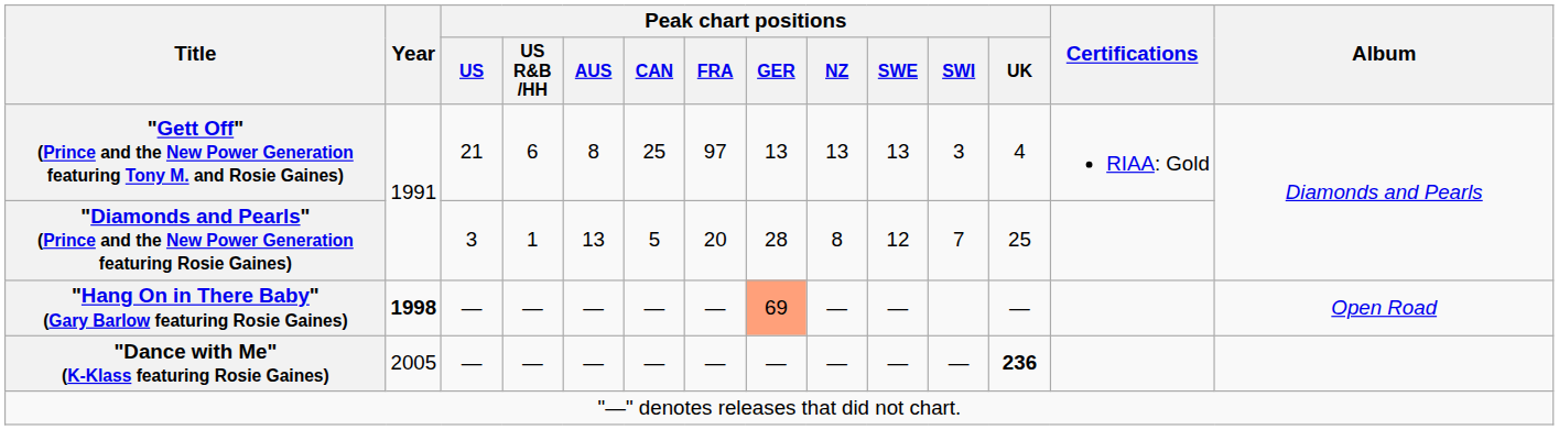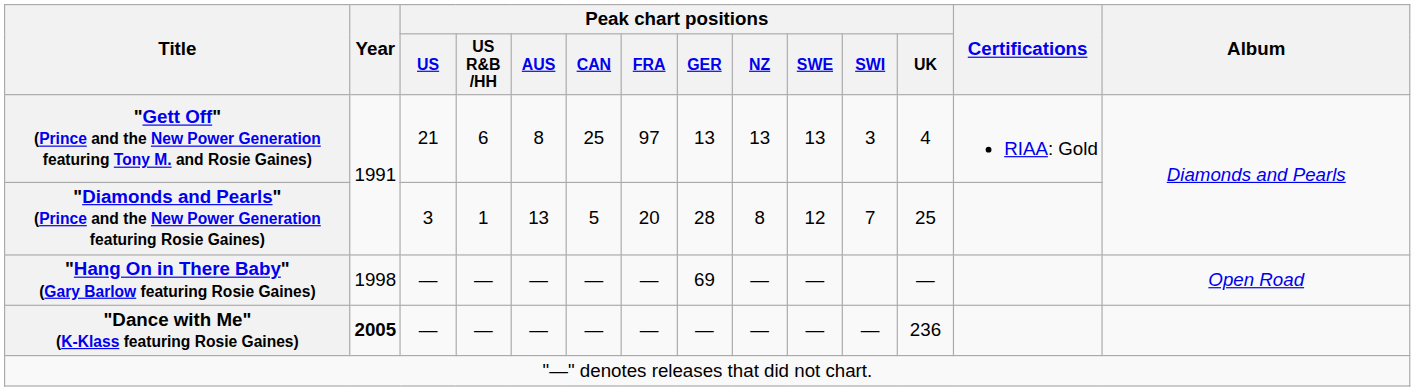 <table class="wikitable plainrowheaders" style="text-align:center">
 <tr>
 <th scope="col" rowspan="2" style="width:18em;">Title</th>
 <th scope="col" rowspan="2" style="width:1em;">Year</th>
 <th scope="col" colspan="10">Peak chart positions</th>
 <th style="text-align:center;" rowspan="2"><a href='#'>Certifications</a></th>
 <th scope="col" rowspan="2" style="width:16em;">Album</th>
 </tr>
 <tr>
 <th scope="col" style="width:3em;font-size:85%;"><a href='#'>US</a><br></th>
 <th scope="col" style="width:3em;font-size:85%;">US R&B<br>/HH<br></th>
 <th style="width:3em;font-size:85%"><a href='#'>AUS</a><br></th>
 <th style="width:3em;font-size:85%"><a href='#'>CAN</a><br></th>
 <th style="width:3em;font-size:85%"><a href='#'>FRA</a><br></th>
 <th scope="col" style="width:3em;font-size:85%;"><a href='#'>GER</a><br></th>
 <th style="width:3em;font-size:85%"><a href='#'>NZ</a><br></th>
 <th style="width:3em;font-size:85%"><a href='#'>SWE</a><br></th>
 <th style="width:3em;font-size:85%"><a href='#'>SWI</a><br></th>
 <th scope="col" style="width:3em;font-size:85%;">UK<br></th>
 </tr>
 <tr>
 <th scope="row">"<a href='#'>Gett Off</a>"<br><small>(<a href='#'>Prince</a> and the <a href='#'>New Power Generation</a> featuring <a href='#'>Tony M.</a> and Rosie Gaines)</small></th>
 <td rowspan="2">1991</td>
 <td>21</td>
 <td>6</td>
 <td>8</td>
 <td>25</td>
 <td>97</td>
 <td>13</td>
 <td>13</td>
 <td>13</td>
 <td>3</td>
 <td>4</td>
 <td><br><ul><li><a href='#'>RIAA</a>: Gold</li></ul></td>
 <td rowspan="2"><em><a href='#'>Diamonds and Pearls</a></em></td>
 </tr>
 <tr>
 <th scope="row">"<a href='#'>Diamonds and Pearls</a>"<br><small>(<a href='#'>Prince</a> and the <a href='#'>New Power Generation</a> featuring Rosie Gaines)</small></th>
 <td>3</td>
 <td>1</td>
 <td>13</td>
 <td>5</td>
 <td>20</td>
 <td>28</td>
 <td>8</td>
 <td>12</td>
 <td>7</td>
 <td>25</td>
 <td></td>
 </tr>
 <tr>
 <th scope="row">"<a href='#'>Hang On in There Baby</a>"<br><small>(<a href='#'>Gary Barlow</a> featuring Rosie Gaines)</small></th>
-<td rowspan="1"><strong>1998</strong></td>
+<td rowspan="1">1998</td>
 <td>—</td>
 <td>—</td>
 <td>—</td>
 <td>—</td>
 <td>—</td>
-<td style="background: lightsalmon;">69</td>
+<td>69</td>
 <td>—</td>
 <td>—</td>
 <td></td>
 <td>—</td>
 <td></td>
 <td rowspan="1"><em><a href='#'>Open Road</a></em></td>
 </tr>
 <tr>
 <th scope="row">"Dance with Me"<br><small>(<a href='#'>K-Klass</a> featuring Rosie Gaines)</small></th>
-<td rowspan="1">2005</td>
+<td rowspan="1"><strong>2005</strong></td>
 <td>—</td>
 <td>—</td>
 <td>—</td>
 <td>—</td>
 <td>—</td>
 <td>—</td>
 <td>—</td>
 <td>—</td>
 <td>—</td>
-<td><strong>236</strong></td>
+<td>236</td>
 <td></td>
 <td></td>
 </tr>
 <tr>
 <td colspan="20" align="center">"—" denotes releases that did not chart.</td>
 </tr>
 </table>
